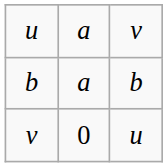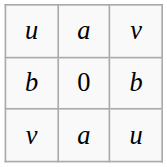 <table class="wikitable" style="margin-left:auto;margin-right:auto;text-align:center;width:6em;height:6em;table-layout:fixed;">
 <tr>
 <td><em>u</em></td>
 <td><em>a</em></td>
 <td><em>v</em></td>
 </tr>
 <tr>
 <td><em>b</em></td>
-<td><em>a</em></td>
+<td>0</td>
 <td><em>b</em></td>
 </tr>
 <tr>
 <td><em>v</em></td>
-<td>0</td>
+<td><em>a</em></td>
 <td><em>u</em></td>
 </tr>
 </table>
